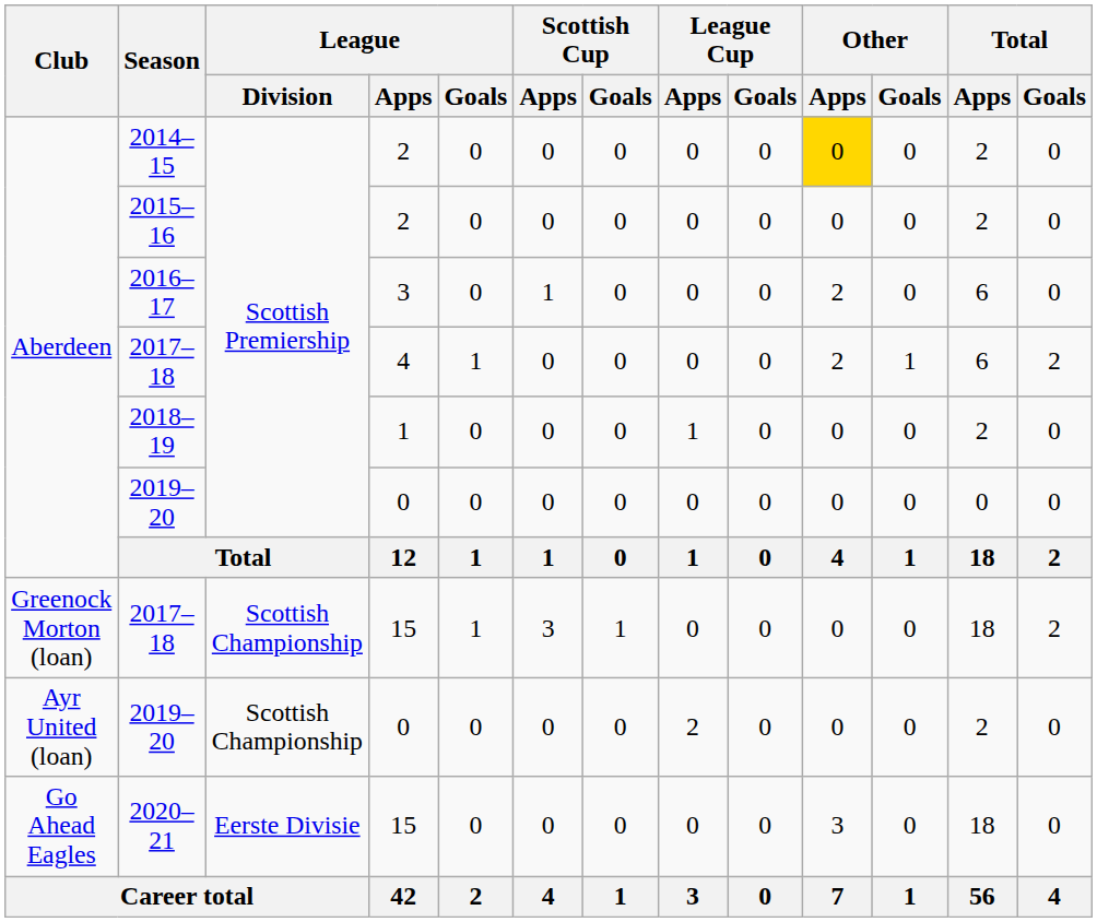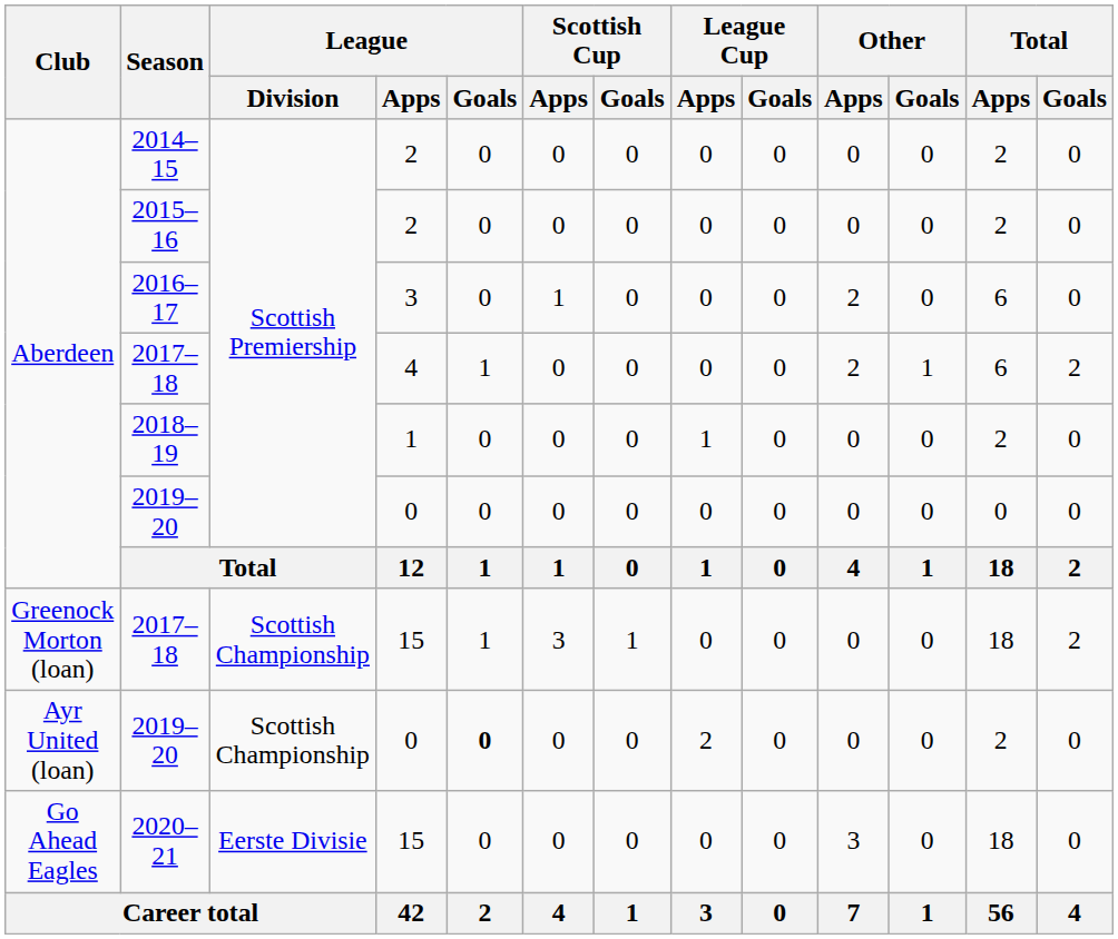 <table class="wikitable" style="text-align: center">
 <tr>
 <th rowspan="2">Club</th>
 <th rowspan="2">Season</th>
 <th colspan="3">League</th>
 <th colspan="2">Scottish Cup</th>
 <th colspan="2">League Cup</th>
 <th colspan="2">Other</th>
 <th colspan="2">Total</th>
 </tr>
 <tr>
 <th>Division</th>
 <th>Apps</th>
 <th>Goals</th>
 <th>Apps</th>
 <th>Goals</th>
 <th>Apps</th>
 <th>Goals</th>
 <th>Apps</th>
 <th>Goals</th>
 <th>Apps</th>
 <th>Goals</th>
 </tr>
 <tr>
 <td rowspan="7"><a href='#'>Aberdeen</a></td>
 <td><a href='#'>2014–15</a></td>
 <td rowspan="6"><a href='#'>Scottish Premiership</a></td>
 <td>2</td>
 <td>0</td>
 <td>0</td>
 <td>0</td>
 <td>0</td>
 <td>0</td>
-<td style="background: gold;">0</td>
+<td>0</td>
 <td>0</td>
 <td>2</td>
 <td>0</td>
 </tr>
 <tr>
 <td><a href='#'>2015–16</a></td>
 <td>2</td>
 <td>0</td>
 <td>0</td>
 <td>0</td>
 <td>0</td>
 <td>0</td>
 <td>0</td>
 <td>0</td>
 <td>2</td>
 <td>0</td>
 </tr>
 <tr>
 <td><a href='#'>2016–17</a></td>
 <td>3</td>
 <td>0</td>
 <td>1</td>
 <td>0</td>
 <td>0</td>
 <td>0</td>
 <td>2</td>
 <td>0</td>
 <td>6</td>
 <td>0</td>
 </tr>
 <tr>
 <td><a href='#'>2017–18</a></td>
 <td>4</td>
 <td>1</td>
 <td>0</td>
 <td>0</td>
 <td>0</td>
 <td>0</td>
 <td>2</td>
 <td>1</td>
 <td>6</td>
 <td>2</td>
 </tr>
 <tr>
 <td><a href='#'>2018–19</a></td>
 <td>1</td>
 <td>0</td>
 <td>0</td>
 <td>0</td>
 <td>1</td>
 <td>0</td>
 <td>0</td>
 <td>0</td>
 <td>2</td>
 <td>0</td>
 </tr>
 <tr>
 <td><a href='#'>2019–20</a></td>
 <td>0</td>
 <td>0</td>
 <td>0</td>
 <td>0</td>
 <td>0</td>
 <td>0</td>
 <td>0</td>
 <td>0</td>
 <td>0</td>
 <td>0</td>
 </tr>
 <tr>
 <th colspan="2">Total</th>
 <th>12</th>
 <th>1</th>
 <th>1</th>
 <th>0</th>
 <th>1</th>
 <th>0</th>
 <th>4</th>
 <th>1</th>
 <th>18</th>
 <th>2</th>
 </tr>
 <tr>
 <td><a href='#'>Greenock Morton</a> (loan)</td>
 <td><a href='#'>2017–18</a></td>
 <td><a href='#'>Scottish Championship</a></td>
 <td>15</td>
 <td>1</td>
 <td>3</td>
 <td>1</td>
 <td>0</td>
 <td>0</td>
 <td>0</td>
 <td>0</td>
 <td>18</td>
 <td>2</td>
 </tr>
 <tr>
 <td><a href='#'>Ayr United</a> (loan)</td>
 <td><a href='#'>2019–20</a></td>
 <td>Scottish Championship</td>
 <td>0</td>
-<td>0</td>
+<td><strong>0</strong></td>
 <td>0</td>
 <td>0</td>
 <td>2</td>
 <td>0</td>
 <td>0</td>
 <td>0</td>
 <td>2</td>
 <td>0</td>
 </tr>
 <tr>
 <td><a href='#'>Go Ahead Eagles</a></td>
 <td><a href='#'>2020–21</a></td>
 <td><a href='#'>Eerste Divisie</a></td>
 <td>15</td>
 <td>0</td>
 <td>0</td>
 <td>0</td>
 <td>0</td>
 <td>0</td>
 <td>3</td>
 <td>0</td>
 <td>18</td>
 <td>0</td>
 </tr>
 <tr>
 <th colspan="3">Career total</th>
 <th>42</th>
 <th>2</th>
 <th>4</th>
 <th>1</th>
 <th>3</th>
 <th>0</th>
 <th>7</th>
 <th>1</th>
 <th>56</th>
 <th>4</th>
 </tr>
 </table>
